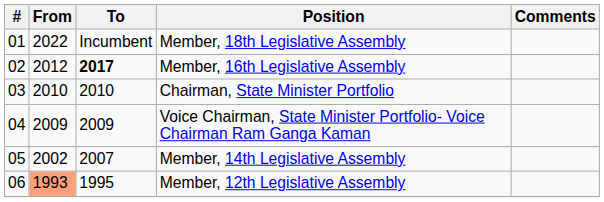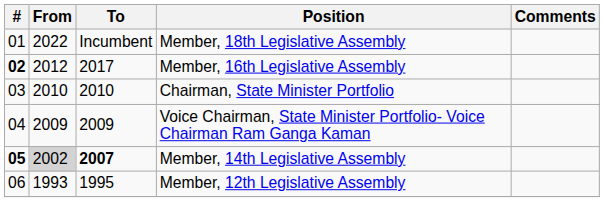 <table class="wikitable sortable">
 <tr>
 <th>#</th>
 <th>From</th>
 <th>To</th>
 <th>Position</th>
 <th>Comments</th>
 </tr>
 <tr>
 <td>01</td>
 <td>2022</td>
 <td>Incumbent</td>
 <td>Member, <a href='#'>18th Legislative Assembly</a></td>
 <td></td>
 </tr>
 <tr>
-<td>02</td>
+<td><strong>02</strong></td>
 <td>2012</td>
-<td><strong>2017</strong></td>
+<td>2017</td>
 <td>Member, <a href='#'>16th Legislative Assembly</a></td>
 <td></td>
 </tr>
 <tr>
 <td>03</td>
 <td>2010</td>
 <td>2010</td>
 <td>Chairman, <a href='#'>State Minister Portfolio</a></td>
 <td></td>
 </tr>
 <tr>
 <td>04</td>
 <td>2009</td>
 <td>2009</td>
 <td>Voice Chairman, <a href='#'>State Minister Portfolio- Voice Chairman Ram Ganga Kaman</a></td>
 <td></td>
 </tr>
 <tr>
-<td>05</td>
-<td>2002</td>
-<td>2007</td>
+<td><strong>05</strong></td>
+<td style="background: lightgrey;">2002</td>
+<td><strong>2007</strong></td>
 <td>Member, <a href='#'>14th Legislative Assembly</a></td>
 <td></td>
 </tr>
 <tr>
 <td>06</td>
-<td style="background: lightsalmon;">1993</td>
+<td>1993</td>
 <td>1995</td>
 <td>Member, <a href='#'>12th Legislative Assembly</a></td>
 <td></td>
 </tr>
 <tr>
 </tr>
 </table>
